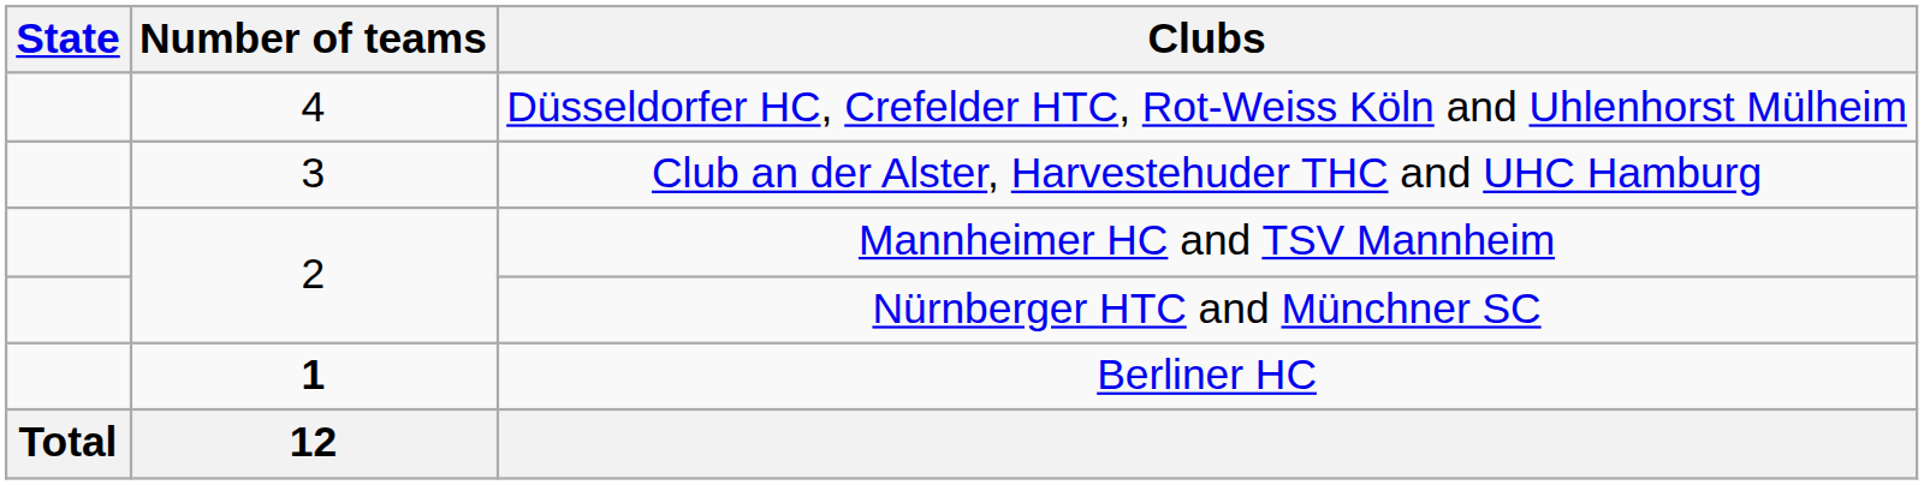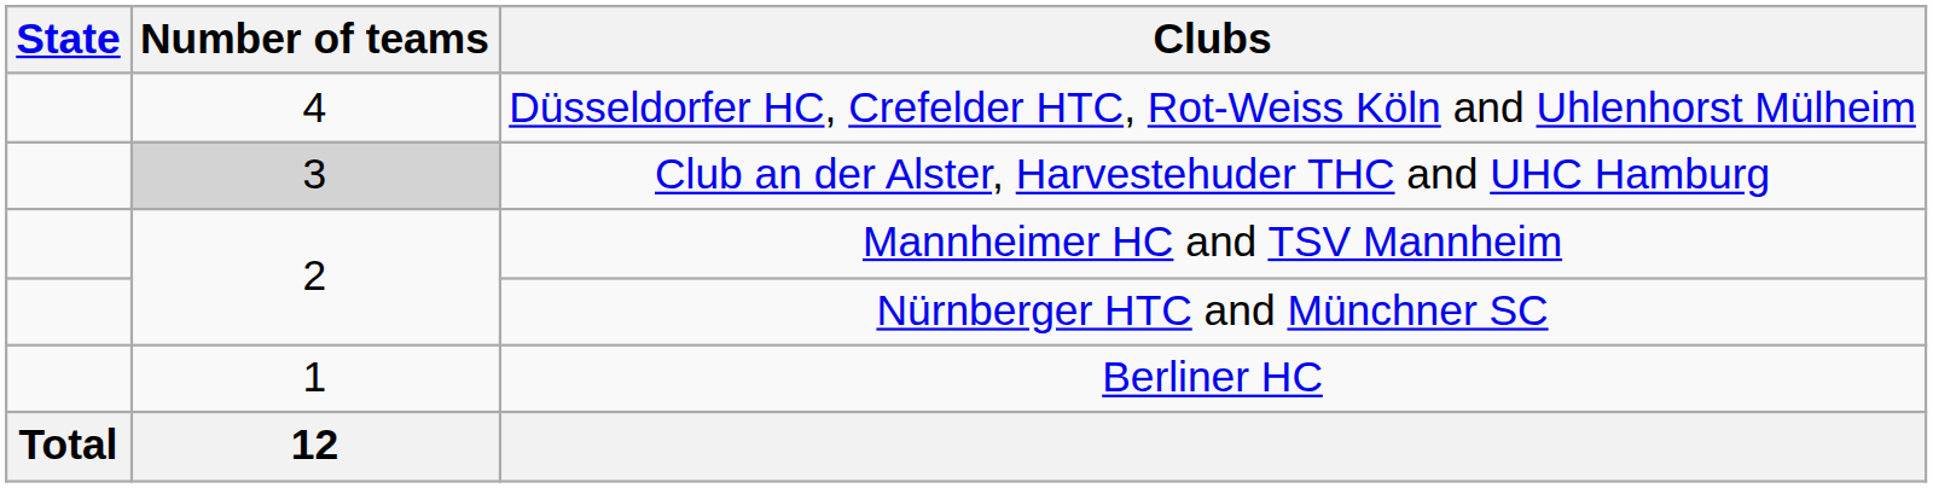 <table class="wikitable">
 <tr>
 <th><a href='#'>State</a></th>
 <th>Number of teams</th>
 <th>Clubs</th>
 </tr>
 <tr>
 <td></td>
 <td align=center>4</td>
 <td align=center><a href='#'>Düsseldorfer HC</a>, <a href='#'>Crefelder HTC</a>, <a href='#'>Rot-Weiss Köln</a> and <a href='#'>Uhlenhorst Mülheim</a></td>
 </tr>
 <tr>
 <td></td>
-<td align=center>3</td>
+<td align=center style="background: lightgrey;">3</td>
 <td align=center><a href='#'>Club an der Alster</a>, <a href='#'>Harvestehuder THC</a> and <a href='#'>UHC Hamburg</a></td>
 </tr>
 <tr>
 <td></td>
 <td align=center rowspan=2>2</td>
 <td align=center><a href='#'>Mannheimer HC</a> and <a href='#'>TSV Mannheim</a></td>
 </tr>
 <tr>
 <td></td>
 <td align=center><a href='#'>Nürnberger HTC</a> and <a href='#'>Münchner SC</a></td>
 </tr>
 <tr>
 <td></td>
-<td align=center><strong>1</strong></td>
+<td align=center>1</td>
 <td align=center><a href='#'>Berliner HC</a></td>
 </tr>
 <tr>
 <th>Total</th>
 <th>12</th>
 <th></th>
 </tr>
 </table>
